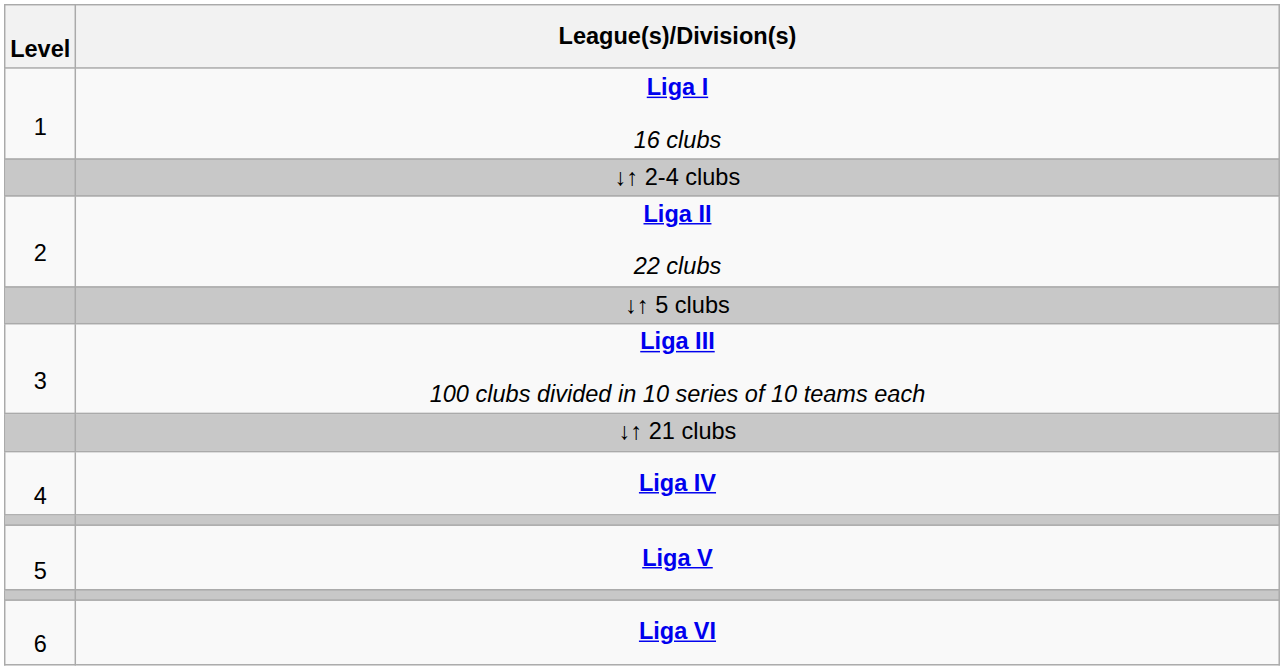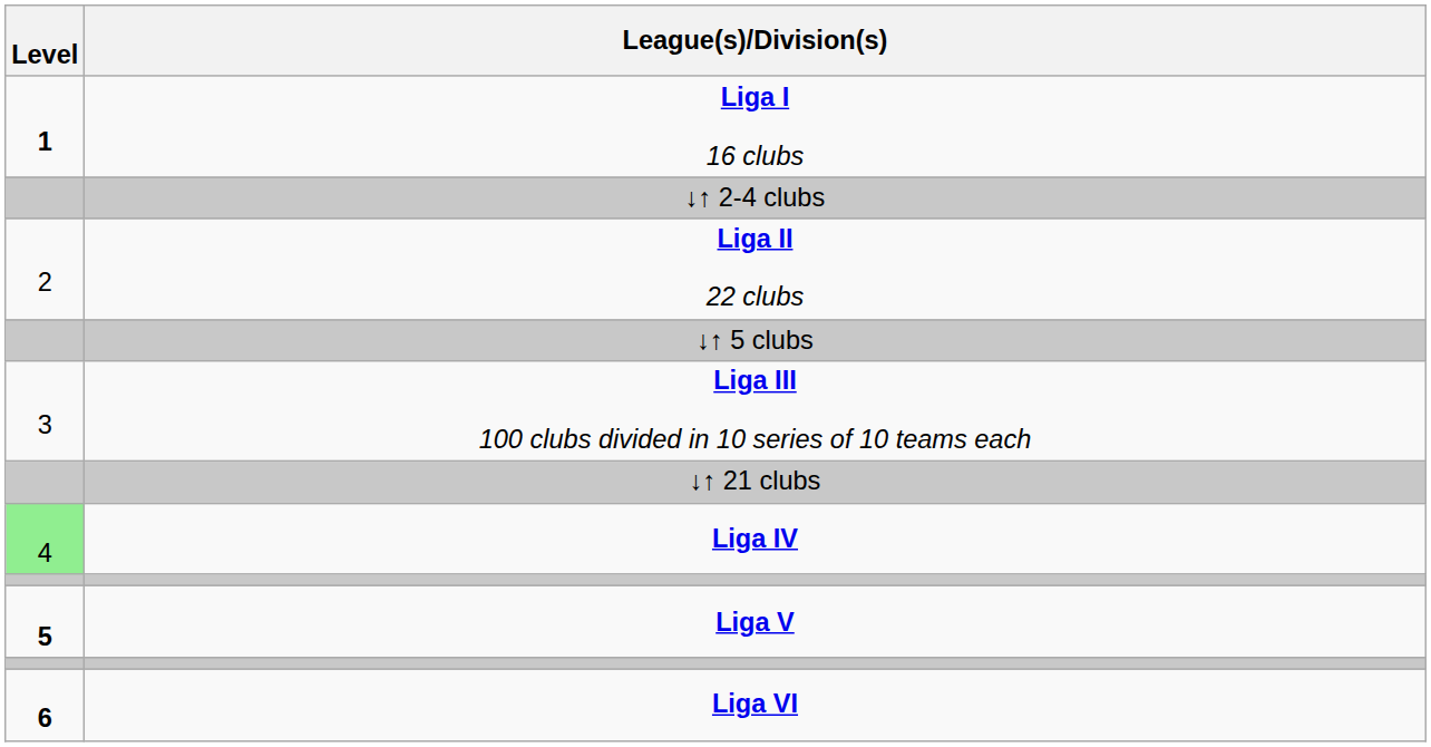 <table class="wikitable" style="text-align:center;">
 <tr>
 <th colspan="1" width="4%"><br>Level</th>
 <th colspan="5">League(s)/Division(s)</th>
 </tr>
 <tr>
-<td colspan="1" width="4%"><br>1</td>
+<td colspan="1" width="4%"><strong><br>1</strong></td>
 <td colspan="5"><strong><a href='#'>Liga I</a></strong><br><br><em>16 clubs</em><br></td>
 </tr>
 <tr style="background:#C8C8C8">
 <td style="width:4%;"></td>
 <td colspan="5">↓↑ 2-4 clubs</td>
 </tr>
 <tr>
 <td colspan="1" width="4%"><br>2</td>
 <td colspan="5"><strong><a href='#'>Liga II</a></strong><br><br><em>22 clubs</em><br></td>
 </tr>
 <tr style="background:#C8C8C8">
 <td style="width:4%;"></td>
 <td colspan="5">↓↑ 5 clubs</td>
 </tr>
 <tr>
 <td colspan="1" width="4%"><br>3</td>
 <td colspan="5"><strong><a href='#'>Liga III</a></strong><br><br><em>100 clubs divided in 10 series of 10 teams each</em><br></td>
 </tr>
 <tr style="background:#C8C8C8">
 <td style="width:4%;"></td>
 <td colspan="5">↓↑ 21 clubs</td>
 </tr>
 <tr>
-<td colspan="1" width="4%"><br>4</td>
+<td colspan="1" width="4%" style="background: lightgreen;"><br>4</td>
 <td colspan="5"><strong><a href='#'>Liga IV</a></strong></td>
 </tr>
 <tr style="background:#C8C8C8">
 <td style="width:4%;"></td>
 <td colspan="5"></td>
 </tr>
 <tr>
-<td colspan="1" width="4%"><br>5</td>
+<td colspan="1" width="4%"><strong><br>5</strong></td>
 <td colspan="5"><strong><a href='#'>Liga V</a></strong></td>
 </tr>
 <tr style="background:#C8C8C8">
 <td style="width:4%;"></td>
 <td colspan="5"></td>
 </tr>
 <tr>
-<td colspan="1" width="4%"><br>6</td>
+<td colspan="1" width="4%"><strong><br>6</strong></td>
 <td colspan="5"><strong><a href='#'>Liga VI</a></strong></td>
 </tr>
 </table>
